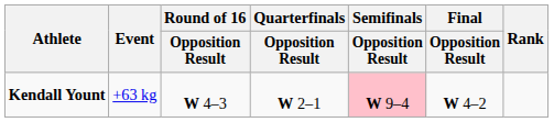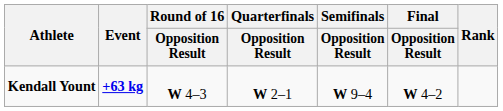 <table class="wikitable" style="font-size:90%;">
 <tr>
 <th rowspan=2>Athlete</th>
 <th rowspan=2>Event</th>
 <th>Round of 16</th>
 <th>Quarterfinals</th>
 <th>Semifinals</th>
 <th>Final</th>
 <th rowspan=2>Rank</th>
 </tr>
 <tr style="font-size:95%">
 <th>Opposition<br>Result</th>
 <th>Opposition<br>Result</th>
 <th>Opposition<br>Result</th>
 <th>Opposition<br>Result</th>
 </tr>
 <tr align=center>
 <td align=left><strong>Kendall Yount</strong></td>
-<td align=left><a href='#'>+63 kg</a></td>
+<td align=left><strong><a href='#'>+63 kg</a></strong></td>
 <td><br><strong>W</strong> 4–3</td>
 <td><br><strong>W</strong> 2–1</td>
-<td style="background: pink;"><br><strong>W</strong> 9–4</td>
+<td><br><strong>W</strong> 9–4</td>
 <td><br><strong>W</strong> 4–2</td>
 <td></td>
 </tr>
 </table>
